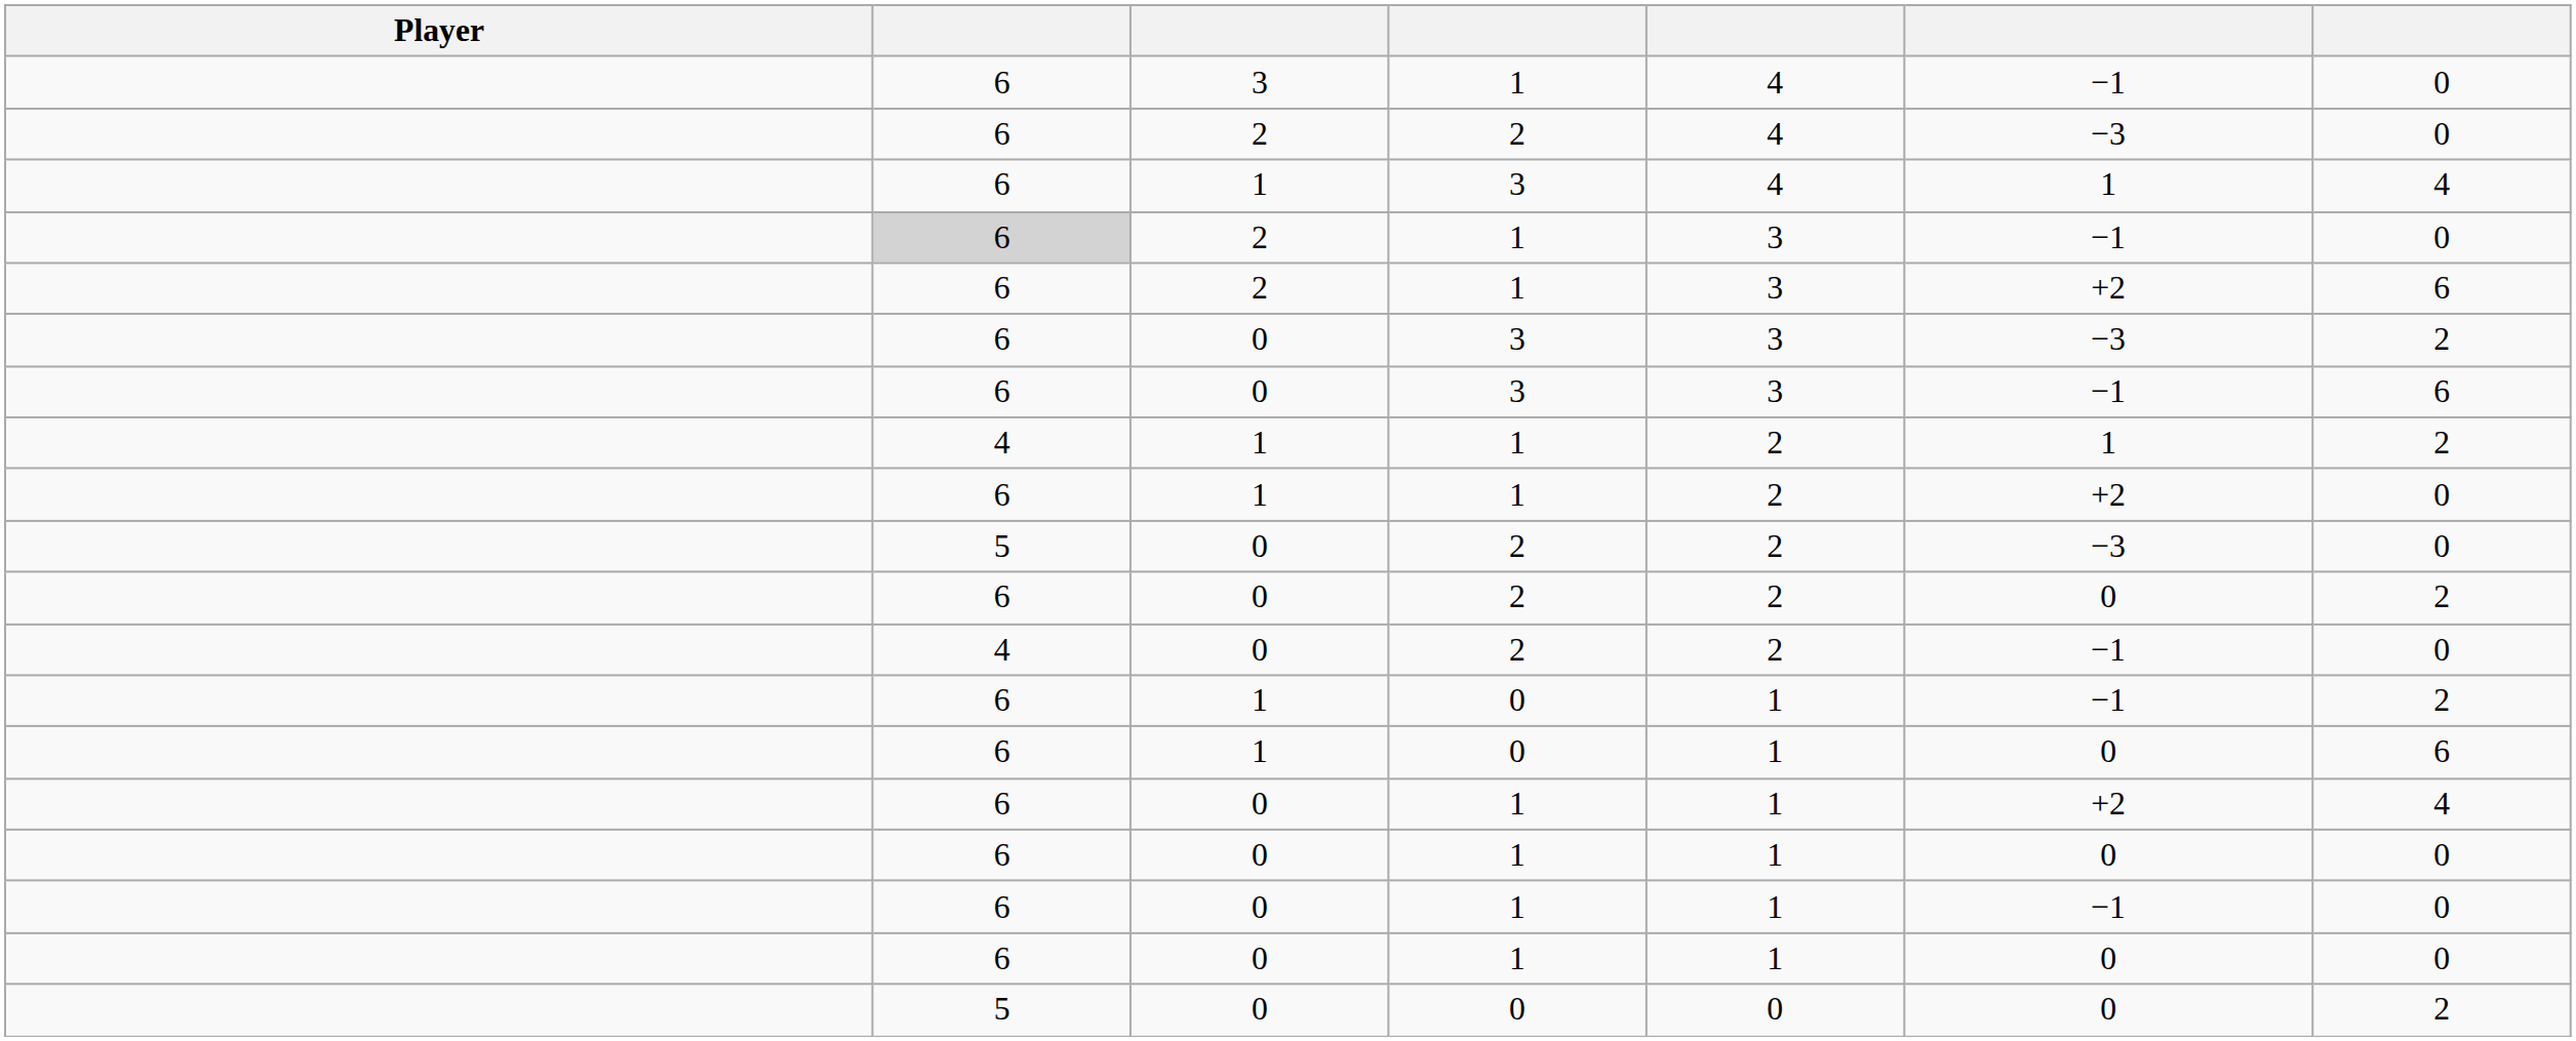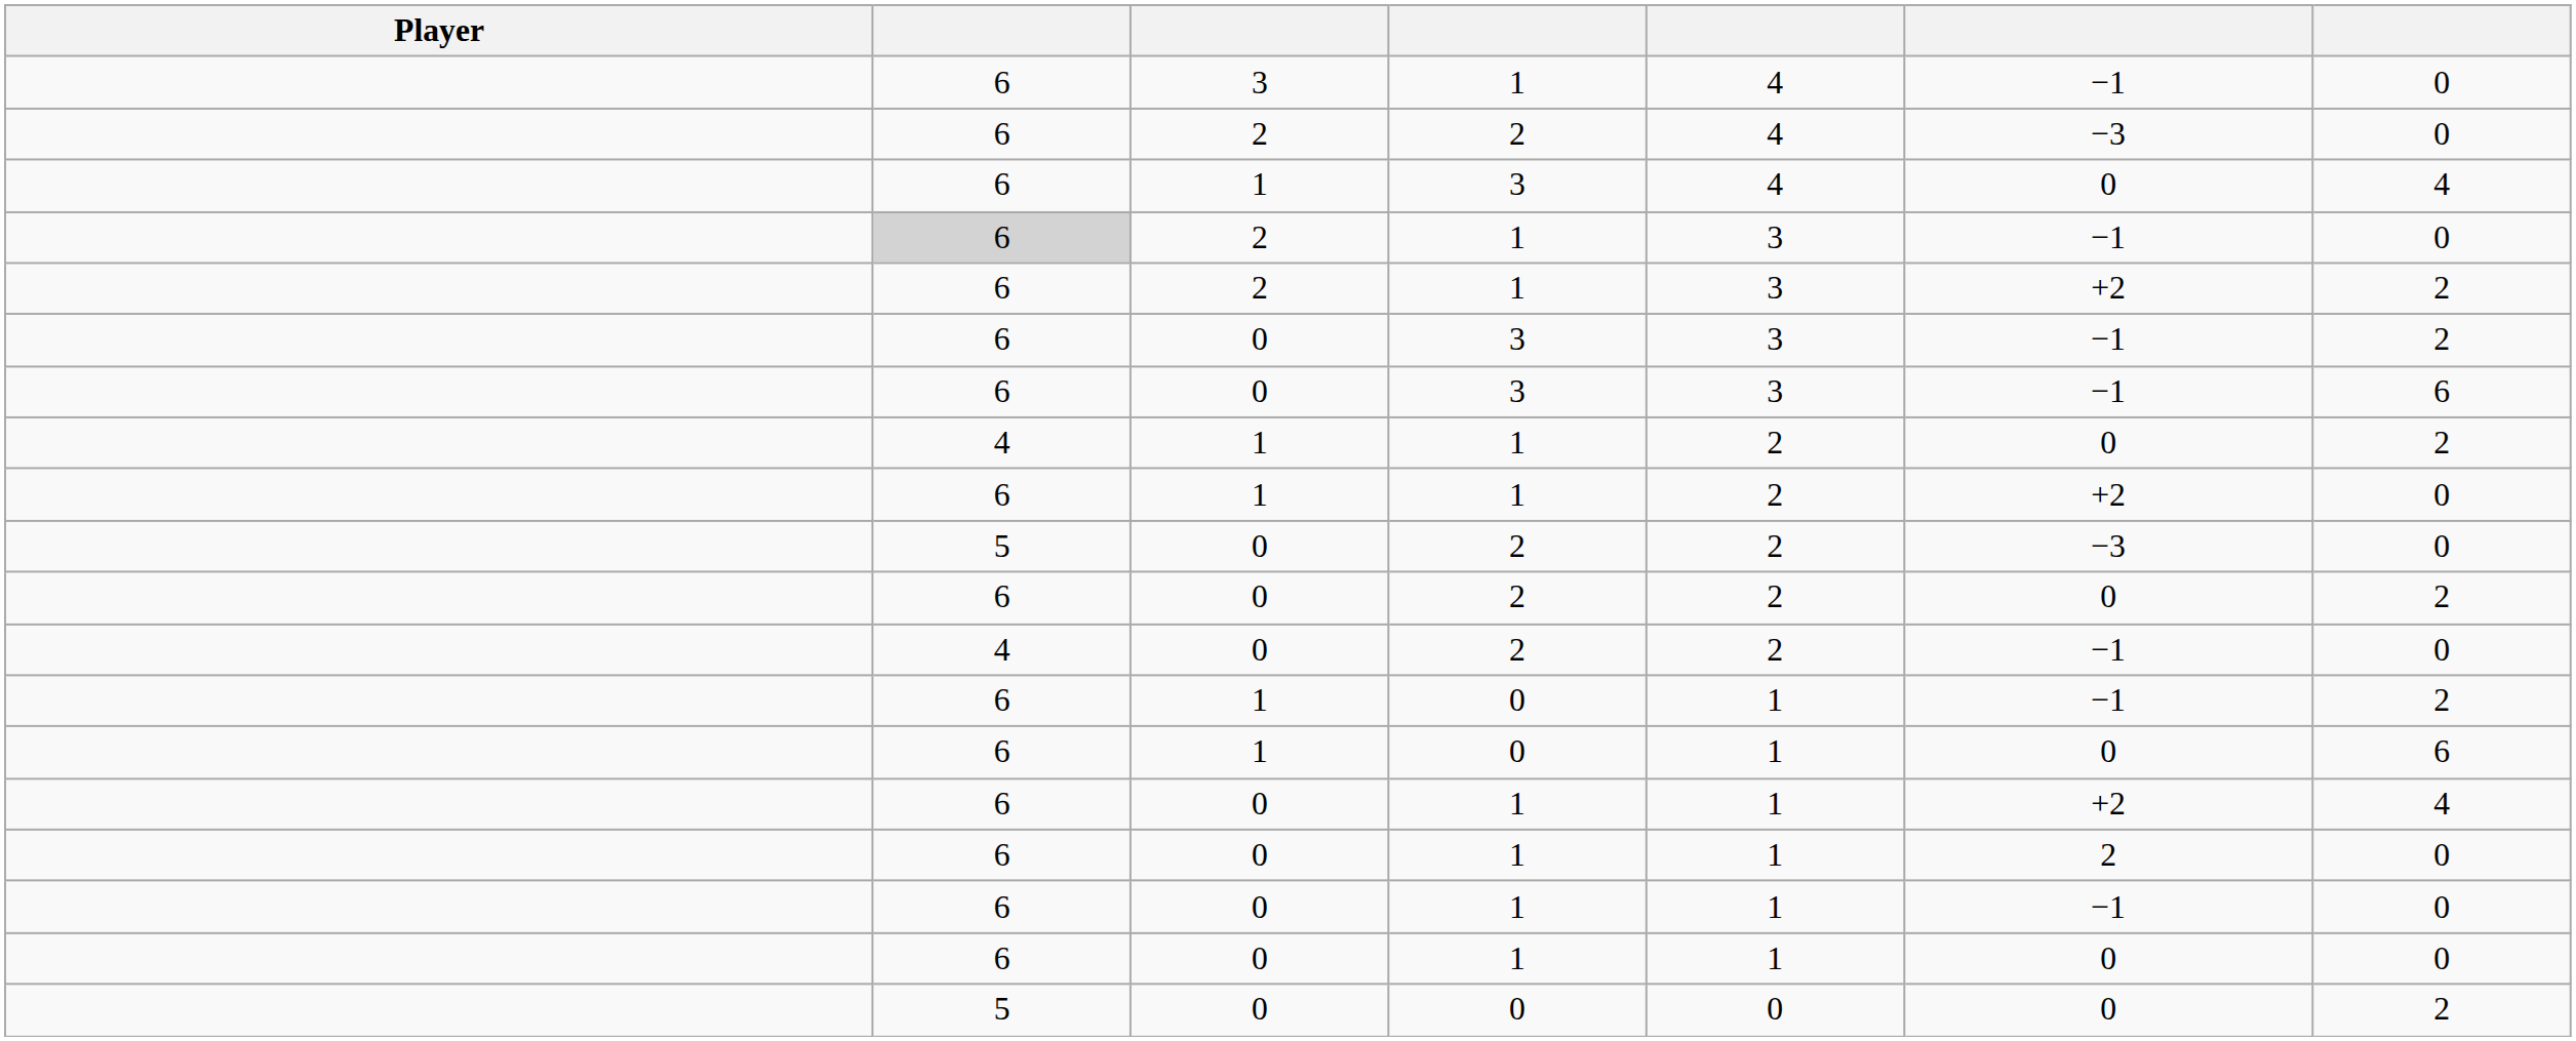 <table class="wikitable sortable" style="width:100%; text-align:center;">
 <tr align=center>
 <th>Player</th>
 <th></th>
 <th></th>
 <th></th>
 <th></th>
 <th data-sort-type="number"></th>
 <th></th>
 </tr>
 <tr align=center>
 <td></td>
 <td>6</td>
 <td>3</td>
 <td>1</td>
 <td>4</td>
 <td>−1</td>
 <td>0</td>
 </tr>
 <tr align=center>
 <td></td>
 <td>6</td>
 <td>2</td>
 <td>2</td>
 <td>4</td>
 <td>−3</td>
 <td>0</td>
 </tr>
 <tr align=center>
 <td></td>
 <td>6</td>
 <td>1</td>
 <td>3</td>
 <td>4</td>
-<td>1</td>
+<td>0</td>
 <td>4</td>
 </tr>
 <tr align=center>
 <td></td>
 <td style="background: lightgrey;">6</td>
 <td>2</td>
 <td>1</td>
 <td>3</td>
 <td>−1</td>
 <td>0</td>
 </tr>
 <tr align=center>
 <td></td>
 <td>6</td>
 <td>2</td>
 <td>1</td>
 <td>3</td>
 <td>+2</td>
-<td>6</td>
+<td>2</td>
 </tr>
 <tr align=center>
 <td></td>
 <td>6</td>
 <td>0</td>
 <td>3</td>
 <td>3</td>
-<td>−3</td>
+<td>−1</td>
 <td>2</td>
 </tr>
 <tr align=center>
 <td></td>
 <td>6</td>
 <td>0</td>
 <td>3</td>
 <td>3</td>
 <td>−1</td>
 <td>6</td>
 </tr>
 <tr align=center>
 <td></td>
 <td>4</td>
 <td>1</td>
 <td>1</td>
 <td>2</td>
-<td>1</td>
+<td>0</td>
 <td>2</td>
 </tr>
 <tr align=center>
 <td></td>
 <td>6</td>
 <td>1</td>
 <td>1</td>
 <td>2</td>
 <td>+2</td>
 <td>0</td>
 </tr>
 <tr align=center>
 <td></td>
 <td>5</td>
 <td>0</td>
 <td>2</td>
 <td>2</td>
 <td>−3</td>
 <td>0</td>
 </tr>
 <tr align=center>
 <td></td>
 <td>6</td>
 <td>0</td>
 <td>2</td>
 <td>2</td>
 <td>0</td>
 <td>2</td>
 </tr>
 <tr align=center>
 <td></td>
 <td>4</td>
 <td>0</td>
 <td>2</td>
 <td>2</td>
 <td>−1</td>
 <td>0</td>
 </tr>
 <tr align=center>
 <td></td>
 <td>6</td>
 <td>1</td>
 <td>0</td>
 <td>1</td>
 <td>−1</td>
 <td>2</td>
 </tr>
 <tr align=center>
 <td></td>
 <td>6</td>
 <td>1</td>
 <td>0</td>
 <td>1</td>
 <td>0</td>
 <td>6</td>
 </tr>
 <tr align=center>
 <td></td>
 <td>6</td>
 <td>0</td>
 <td>1</td>
 <td>1</td>
 <td>+2</td>
 <td>4</td>
 </tr>
 <tr align=center>
 <td></td>
 <td>6</td>
 <td>0</td>
 <td>1</td>
 <td>1</td>
-<td>0</td>
+<td>2</td>
 <td>0</td>
 </tr>
 <tr align=center>
 <td></td>
 <td>6</td>
 <td>0</td>
 <td>1</td>
 <td>1</td>
 <td>−1</td>
 <td>0</td>
 </tr>
 <tr align=center>
 <td></td>
 <td>6</td>
 <td>0</td>
 <td>1</td>
 <td>1</td>
 <td>0</td>
 <td>0</td>
 </tr>
 <tr align=center>
 <td></td>
 <td>5</td>
 <td>0</td>
 <td>0</td>
 <td>0</td>
 <td>0</td>
 <td>2</td>
 </tr>
 </table>
